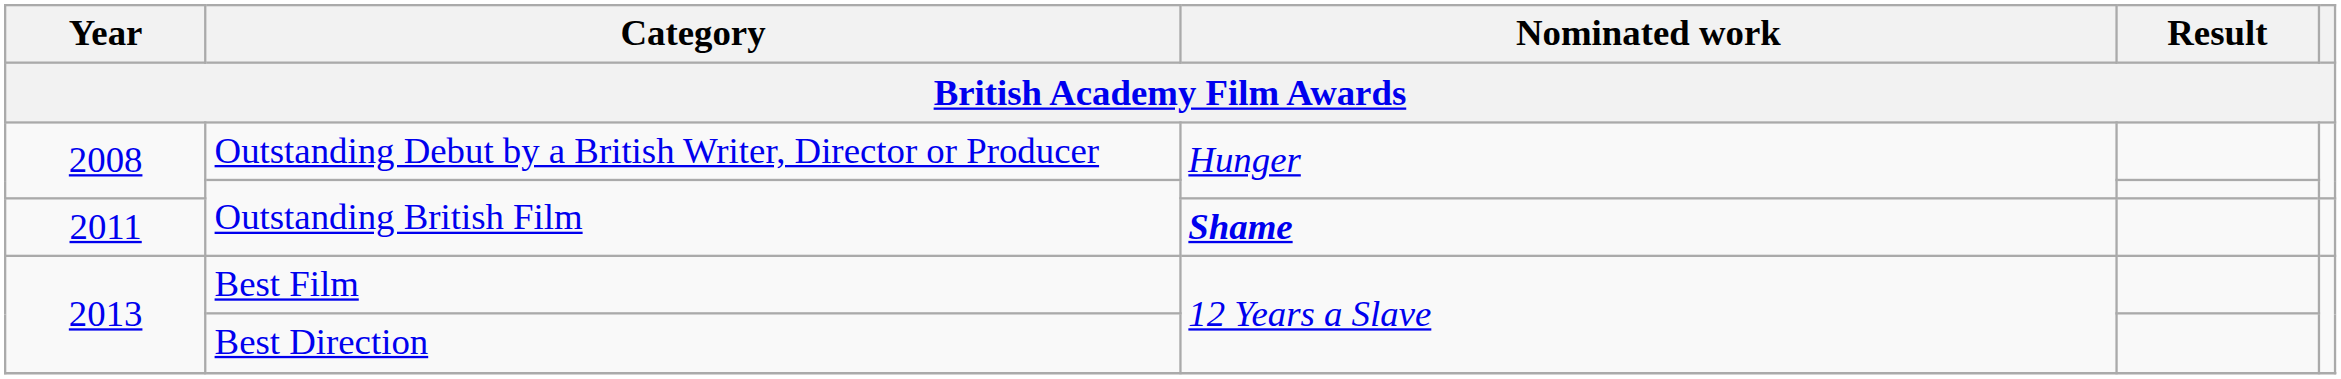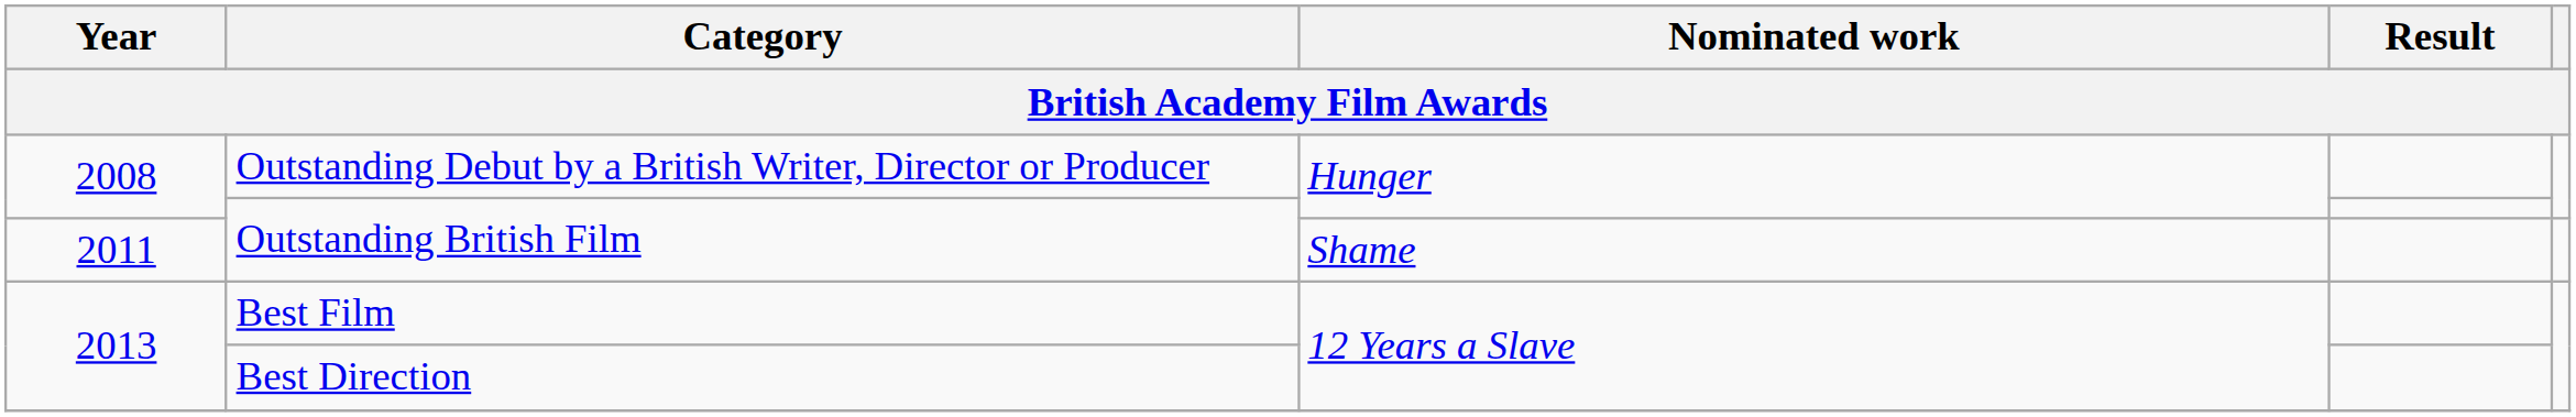 <table class=wikitable>
 <tr>
 <th scope="col" style="width:5em;">Year</th>
 <th scope="col" style="width:26em;">Category</th>
 <th scope="col" style="width:25em;">Nominated work</th>
 <th scope="col" style="width:5em;">Result</th>
 <th></th>
 </tr>
 <tr>
 <th colspan=5><a href='#'>British Academy Film Awards</a></th>
 </tr>
 <tr>
 <td style="text-align:center;", rowspan=2><a href='#'>2008</a></td>
 <td><a href='#'>Outstanding Debut by a British Writer, Director or Producer</a></td>
 <td rowspan=2><em><a href='#'>Hunger</a></em></td>
 <td></td>
 <td rowspan=2></td>
 </tr>
 <tr>
 <td rowspan="2"><a href='#'>Outstanding British Film</a></td>
 <td></td>
 </tr>
 <tr>
 <td style="text-align:center;"><a href='#'>2011</a></td>
-<td><strong><em><a href='#'>Shame</a></em></strong></td>
+<td><em><a href='#'>Shame</a></em></td>
 <td></td>
 <td rowspan=1></td>
 </tr>
 <tr>
 <td style="text-align:center;", rowspan=2><a href='#'>2013</a></td>
 <td><a href='#'>Best Film</a></td>
 <td rowspan=2><em><a href='#'>12 Years a Slave</a></em></td>
 <td></td>
 <td rowspan=2></td>
 </tr>
 <tr>
 <td><a href='#'>Best Direction</a></td>
 <td></td>
 </tr>
 <tr>
 </tr>
 </table>
